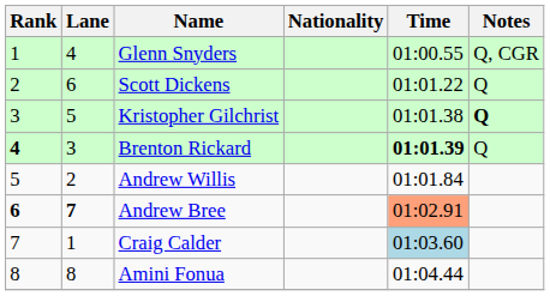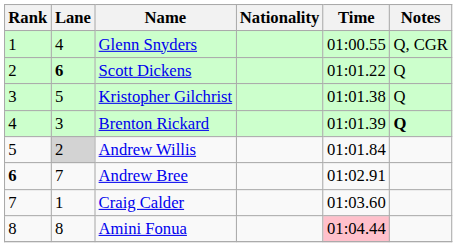 <table class="wikitable">
 <tr>
 <th>Rank</th>
 <th>Lane</th>
 <th>Name</th>
 <th>Nationality</th>
 <th>Time</th>
 <th>Notes</th>
 </tr>
 <tr bgcolor=ccffcc>
 <td>1</td>
 <td>4</td>
 <td><a href='#'>Glenn Snyders</a></td>
 <td></td>
 <td>01:00.55</td>
 <td>Q, CGR</td>
 </tr>
 <tr bgcolor=ccffcc>
 <td>2</td>
-<td>6</td>
+<td><strong>6</strong></td>
 <td><a href='#'>Scott Dickens</a></td>
 <td></td>
 <td>01:01.22</td>
 <td>Q</td>
 </tr>
 <tr bgcolor=ccffcc>
 <td>3</td>
 <td>5</td>
 <td><a href='#'>Kristopher Gilchrist</a></td>
 <td></td>
 <td>01:01.38</td>
-<td><strong>Q</strong></td>
+<td>Q</td>
 </tr>
 <tr bgcolor=ccffcc>
-<td><strong>4</strong></td>
+<td>4</td>
 <td>3</td>
 <td><a href='#'>Brenton Rickard</a></td>
 <td></td>
-<td><strong>01:01.39</strong></td>
-<td>Q</td>
+<td>01:01.39</td>
+<td><strong>Q</strong></td>
 </tr>
 <tr>
 <td>5</td>
-<td>2</td>
+<td style="background: lightgrey;">2</td>
 <td><a href='#'>Andrew Willis</a></td>
 <td></td>
 <td>01:01.84</td>
 <td></td>
 </tr>
 <tr>
 <td><strong>6</strong></td>
-<td><strong>7</strong></td>
+<td>7</td>
 <td><a href='#'>Andrew Bree</a></td>
 <td></td>
-<td style="background: lightsalmon;">01:02.91</td>
+<td>01:02.91</td>
 <td></td>
 </tr>
 <tr>
 <td>7</td>
 <td>1</td>
 <td><a href='#'>Craig Calder</a></td>
 <td></td>
-<td style="background: lightblue;">01:03.60</td>
+<td>01:03.60</td>
 <td></td>
 </tr>
 <tr>
 <td>8</td>
 <td>8</td>
 <td><a href='#'>Amini Fonua</a></td>
 <td></td>
-<td>01:04.44</td>
+<td style="background: pink;">01:04.44</td>
 <td></td>
 </tr>
 <tr>
 </tr>
 </table>
